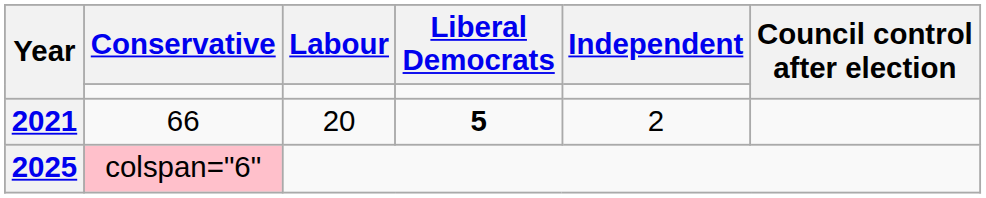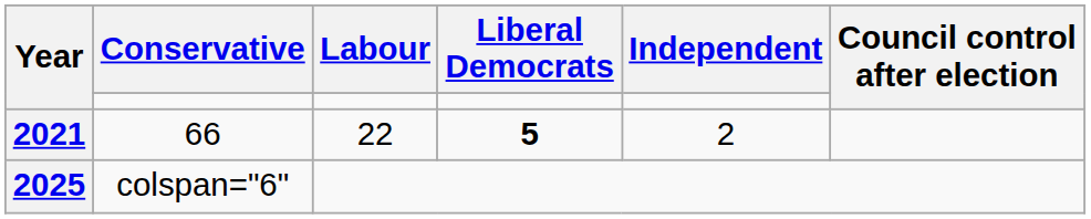 <table class="wikitable plainrowheaders" style="text-align:center">
 <tr>
 <th scope="col" rowspan="2">Year</th>
 <th scope="col"><a href='#'>Conservative</a></th>
 <th scope="col"><a href='#'>Labour</a></th>
 <th scope="col" style="width:1px"><a href='#'>Liberal Democrats</a></th>
 <th scope="col"><a href='#'>Independent</a></th>
 <th scope="col" rowspan="2" colspan="2">Council control<br>after election</th>
 </tr>
 <tr>
 <td style="background:"></td>
 <td style="background:"></td>
 <td style="background:"></td>
 <td style="background:"></td>
 </tr>
 <tr>
 <th scope="row"><a href='#'>2021</a></th>
 <td>66</td>
-<td>20</td>
+<td>22</td>
 <td><strong>5</strong></td>
 <td>2</td>
 <td></td>
 </tr>
 <tr>
 <th scope="row"><a href='#'>2025</a></th>
-<td style="background: pink;">colspan="6" </td>
+<td>colspan="6" </td>
 </tr>
 </table>
